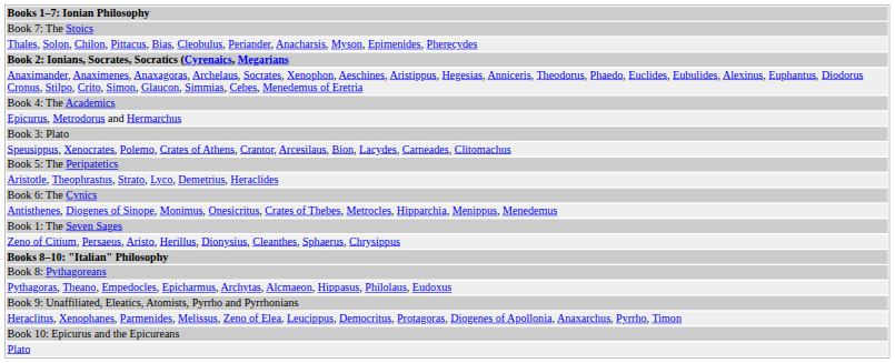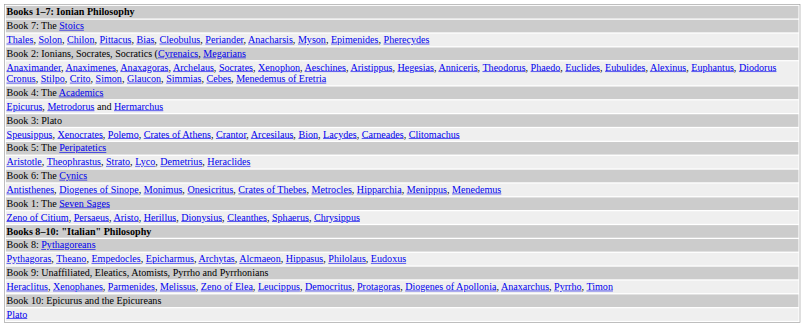 <table border="0" style="margin:1em auto; border: 1px solid #999; background-color:#FFFFFF">
 <tr>
 <td bgcolor="#CCCCCC"><strong>Books 1–7: Ionian Philosophy</strong></td>
 </tr>
 <tr>
 <td bgcolor="#CCCCCC">Book 7: The <a href='#'>Stoics</a></td>
 </tr>
 <tr>
 <td bgcolor="#EFEFEF"><a href='#'>Thales</a>, <a href='#'>Solon</a>, <a href='#'>Chilon</a>, <a href='#'>Pittacus</a>, <a href='#'>Bias</a>, <a href='#'>Cleobulus</a>, <a href='#'>Periander</a>, <a href='#'>Anacharsis</a>, <a href='#'>Myson</a>, <a href='#'>Epimenides</a>, <a href='#'>Pherecydes</a></td>
 </tr>
 <tr>
-<td bgcolor="#CCCCCC"><strong>Book 2: Ionians, Socrates, Socratics (<a href='#'>Cyrenaics</a>, <a href='#'>Megarians</a></strong></td>
+<td bgcolor="#CCCCCC">Book 2: Ionians, Socrates, Socratics (<a href='#'>Cyrenaics</a>, <a href='#'>Megarians</a></td>
 </tr>
 <tr>
 <td bgcolor="#EFEFEF"><a href='#'>Anaximander</a>, <a href='#'>Anaximenes</a>, <a href='#'>Anaxagoras</a>, <a href='#'>Archelaus</a>, <a href='#'>Socrates</a>, <a href='#'>Xenophon</a>, <a href='#'>Aeschines</a>, <a href='#'>Aristippus</a>, <a href='#'>Hegesias</a>, <a href='#'>Anniceris</a>, <a href='#'>Theodorus</a>, <a href='#'>Phaedo</a>, <a href='#'>Euclides</a>, <a href='#'>Eubulides</a>, <a href='#'>Alexinus</a>, <a href='#'>Euphantus</a>, <a href='#'>Diodorus Cronus</a>, <a href='#'>Stilpo</a>, <a href='#'>Crito</a>, <a href='#'>Simon</a>, <a href='#'>Glaucon</a>, <a href='#'>Simmias</a>, <a href='#'>Cebes</a>, <a href='#'>Menedemus of Eretria</a></td>
 </tr>
 <tr>
 <td bgcolor="#CCCCCC">Book 4: The <a href='#'>Academics</a></td>
 </tr>
 <tr>
 <td bgcolor="#EFEFEF"><a href='#'>Epicurus</a>, <a href='#'>Metrodorus</a> and <a href='#'>Hermarchus</a></td>
 </tr>
 <tr>
 <td bgcolor="#CCCCCC">Book 3: Plato</td>
 </tr>
 <tr>
 <td bgcolor="#EFEFEF"><a href='#'>Speusippus</a>, <a href='#'>Xenocrates</a>, <a href='#'>Polemo</a>, <a href='#'>Crates of Athens</a>, <a href='#'>Crantor</a>, <a href='#'>Arcesilaus</a>, <a href='#'>Bion</a>, <a href='#'>Lacydes</a>, <a href='#'>Carneades</a>, <a href='#'>Clitomachus</a></td>
 </tr>
 <tr>
 <td bgcolor="#CCCCCC">Book 5: The <a href='#'>Peripatetics</a></td>
 </tr>
 <tr>
 <td bgcolor="#EFEFEF"><a href='#'>Aristotle</a>, <a href='#'>Theophrastus</a>, <a href='#'>Strato</a>, <a href='#'>Lyco</a>, <a href='#'>Demetrius</a>, <a href='#'>Heraclides</a></td>
 </tr>
 <tr>
 <td bgcolor="#CCCCCC">Book 6: The <a href='#'>Cynics</a></td>
 </tr>
 <tr>
 <td bgcolor="#EFEFEF"><a href='#'>Antisthenes</a>, <a href='#'>Diogenes of Sinope</a>, <a href='#'>Monimus</a>, <a href='#'>Onesicritus</a>, <a href='#'>Crates of Thebes</a>, <a href='#'>Metrocles</a>, <a href='#'>Hipparchia</a>, <a href='#'>Menippus</a>, <a href='#'>Menedemus</a></td>
 </tr>
 <tr>
 <td bgcolor="#CCCCCC">Book 1: The <a href='#'>Seven Sages</a></td>
 </tr>
 <tr>
 <td bgcolor="#EFEFEF"><a href='#'>Zeno of Citium</a>, <a href='#'>Persaeus</a>, <a href='#'>Aristo</a>, <a href='#'>Herillus</a>, <a href='#'>Dionysius</a>, <a href='#'>Cleanthes</a>, <a href='#'>Sphaerus</a>, <a href='#'>Chrysippus</a></td>
 </tr>
 <tr>
 <td bgcolor="#CCCCCC"><strong>Books 8–10: "Italian" Philosophy</strong></td>
 </tr>
 <tr>
 <td bgcolor="#CCCCCC">Book 8: <a href='#'>Pythagoreans</a></td>
 </tr>
 <tr>
 <td bgcolor="#EFEFEF"><a href='#'>Pythagoras</a>, <a href='#'>Theano</a>, <a href='#'>Empedocles</a>, <a href='#'>Epicharmus</a>, <a href='#'>Archytas</a>, <a href='#'>Alcmaeon</a>, <a href='#'>Hippasus</a>, <a href='#'>Philolaus</a>, <a href='#'>Eudoxus</a></td>
 </tr>
 <tr>
 <td bgcolor="#CCCCCC">Book 9: Unaffiliated, Eleatics, Atomists, Pyrrho and Pyrrhonians</td>
 </tr>
 <tr>
 <td bgcolor="#EFEFEF"><a href='#'>Heraclitus</a>, <a href='#'>Xenophanes</a>, <a href='#'>Parmenides</a>, <a href='#'>Melissus</a>, <a href='#'>Zeno of Elea</a>, <a href='#'>Leucippus</a>, <a href='#'>Democritus</a>, <a href='#'>Protagoras</a>, <a href='#'>Diogenes of Apollonia</a>, <a href='#'>Anaxarchus</a>, <a href='#'>Pyrrho</a>, <a href='#'>Timon</a></td>
 </tr>
 <tr>
 <td bgcolor="#CCCCCC">Book 10: Epicurus and the Epicureans</td>
 </tr>
 <tr>
 <td bgcolor="#EFEFEF"><a href='#'>Plato</a></td>
 </tr>
 </table>
